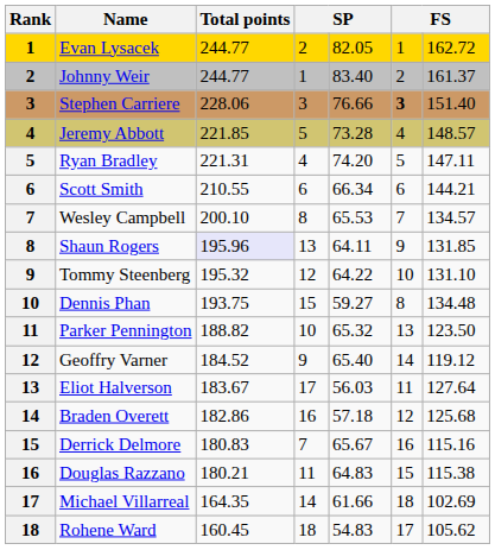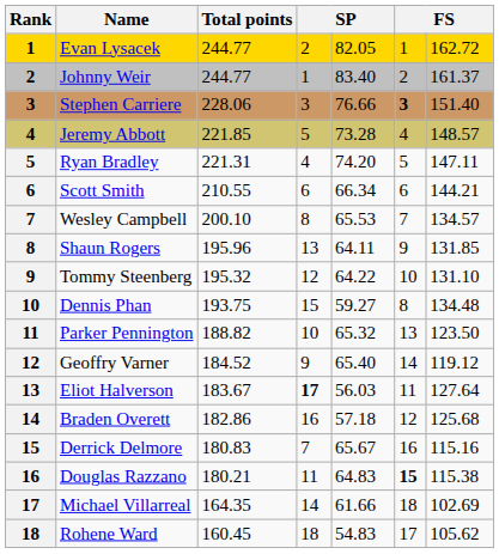 <table class="wikitable">
 <tr>
 <th>Rank</th>
 <th>Name</th>
 <th>Total points</th>
 <th colspan="2" width="80px">SP</th>
 <th colspan="2" width="80px">FS</th>
 </tr>
 <tr style="background:gold;">
 <td style="text-align:center;"><strong>1</strong></td>
 <td><a href='#'>Evan Lysacek</a></td>
 <td>244.77</td>
 <td>2</td>
 <td>82.05</td>
 <td>1</td>
 <td>162.72</td>
 </tr>
 <tr style="background:silver;">
 <td style="text-align:center;"><strong>2</strong></td>
 <td><a href='#'>Johnny Weir</a></td>
 <td>244.77</td>
 <td>1</td>
 <td>83.40</td>
 <td>2</td>
 <td>161.37</td>
 </tr>
 <tr style="background:#c96;">
 <td style="text-align:center;"><strong>3</strong></td>
 <td><a href='#'>Stephen Carriere</a></td>
 <td>228.06</td>
 <td>3</td>
 <td>76.66</td>
 <td><strong>3</strong></td>
 <td>151.40</td>
 </tr>
 <tr style="background:#d1c571;">
 <td style="text-align:center;"><strong>4</strong></td>
 <td><a href='#'>Jeremy Abbott</a></td>
 <td>221.85</td>
 <td>5</td>
 <td>73.28</td>
 <td>4</td>
 <td>148.57</td>
 </tr>
 <tr>
 <th>5</th>
 <td><a href='#'>Ryan Bradley</a></td>
 <td>221.31</td>
 <td>4</td>
 <td>74.20</td>
 <td>5</td>
 <td>147.11</td>
 </tr>
 <tr>
 <th>6</th>
 <td><a href='#'>Scott Smith</a></td>
 <td>210.55</td>
 <td>6</td>
 <td>66.34</td>
 <td>6</td>
 <td>144.21</td>
 </tr>
 <tr>
 <th>7</th>
 <td>Wesley Campbell</td>
 <td>200.10</td>
 <td>8</td>
 <td>65.53</td>
 <td>7</td>
 <td>134.57</td>
 </tr>
 <tr>
 <th>8</th>
 <td><a href='#'>Shaun Rogers</a></td>
-<td style="background: lavender;">195.96</td>
+<td>195.96</td>
 <td>13</td>
 <td>64.11</td>
 <td>9</td>
 <td>131.85</td>
 </tr>
 <tr>
 <th>9</th>
 <td>Tommy Steenberg</td>
 <td>195.32</td>
 <td>12</td>
 <td>64.22</td>
 <td>10</td>
 <td>131.10</td>
 </tr>
 <tr>
 <th>10</th>
 <td><a href='#'>Dennis Phan</a></td>
 <td>193.75</td>
 <td>15</td>
 <td>59.27</td>
 <td>8</td>
 <td>134.48</td>
 </tr>
 <tr>
 <th>11</th>
 <td><a href='#'>Parker Pennington</a></td>
 <td>188.82</td>
 <td>10</td>
 <td>65.32</td>
 <td>13</td>
 <td>123.50</td>
 </tr>
 <tr>
 <th>12</th>
 <td>Geoffry Varner</td>
 <td>184.52</td>
 <td>9</td>
 <td>65.40</td>
 <td>14</td>
 <td>119.12</td>
 </tr>
 <tr>
 <th>13</th>
 <td><a href='#'>Eliot Halverson</a></td>
 <td>183.67</td>
-<td>17</td>
+<td><strong>17</strong></td>
 <td>56.03</td>
 <td>11</td>
 <td>127.64</td>
 </tr>
 <tr>
 <th>14</th>
 <td><a href='#'>Braden Overett</a></td>
 <td>182.86</td>
 <td>16</td>
 <td>57.18</td>
 <td>12</td>
 <td>125.68</td>
 </tr>
 <tr>
 <th>15</th>
 <td><a href='#'>Derrick Delmore</a></td>
 <td>180.83</td>
 <td>7</td>
 <td>65.67</td>
 <td>16</td>
 <td>115.16</td>
 </tr>
 <tr>
 <th>16</th>
 <td><a href='#'>Douglas Razzano</a></td>
 <td>180.21</td>
 <td>11</td>
 <td>64.83</td>
-<td>15</td>
+<td><strong>15</strong></td>
 <td>115.38</td>
 </tr>
 <tr>
 <th>17</th>
 <td><a href='#'>Michael Villarreal</a></td>
 <td>164.35</td>
 <td>14</td>
 <td>61.66</td>
 <td>18</td>
 <td>102.69</td>
 </tr>
 <tr>
 <th>18</th>
 <td><a href='#'>Rohene Ward</a></td>
 <td>160.45</td>
 <td>18</td>
 <td>54.83</td>
 <td>17</td>
 <td>105.62</td>
 </tr>
 </table>
